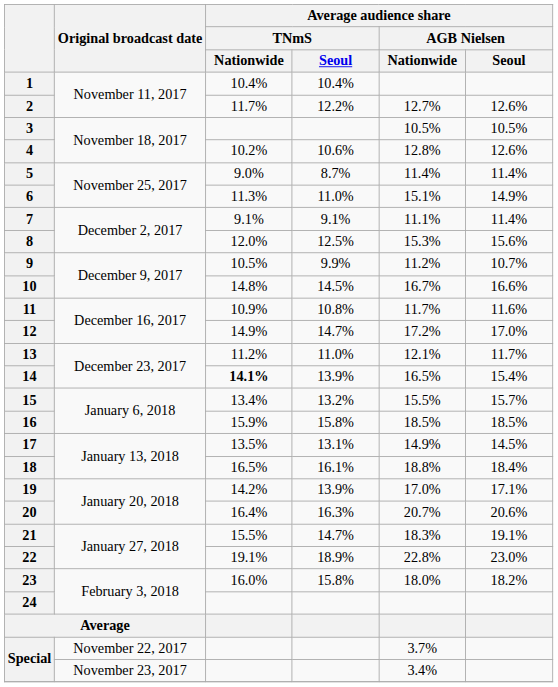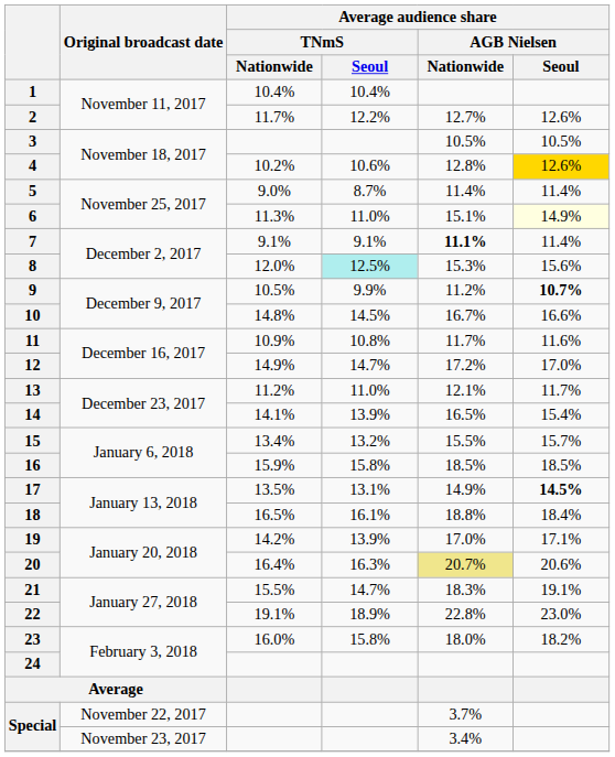 <table class=wikitable style="text-align:center">
 <tr>
 <th rowspan="3"></th>
 <th rowspan="3">Original broadcast date</th>
 <th colspan="4">Average audience share</th>
 </tr>
 <tr>
 <th colspan="2">TNmS</th>
 <th colspan="2">AGB Nielsen</th>
 </tr>
 <tr>
 <th width=90>Nationwide</th>
 <th width=90><a href='#'>Seoul</a></th>
 <th width=90>Nationwide</th>
 <th width=90>Seoul</th>
 </tr>
 <tr>
 <th>1</th>
 <td rowspan="2">November 11, 2017</td>
 <td>10.4% </td>
 <td>10.4% </td>
 <td> </td>
 <td> </td>
 </tr>
 <tr>
 <th>2</th>
 <td>11.7% </td>
 <td>12.2% </td>
 <td>12.7% </td>
 <td>12.6% </td>
 </tr>
 <tr>
 <th>3</th>
 <td rowspan="2">November 18, 2017</td>
 <td> </td>
 <td> </td>
 <td>10.5% </td>
 <td>10.5% </td>
 </tr>
 <tr>
 <th>4</th>
 <td>10.2% </td>
 <td>10.6% </td>
 <td>12.8% </td>
-<td>12.6% </td>
+<td style="background: gold;">12.6% </td>
 </tr>
 <tr>
 <th>5</th>
 <td rowspan="2">November 25, 2017</td>
 <td>9.0% </td>
 <td>8.7% </td>
 <td>11.4% </td>
 <td>11.4% </td>
 </tr>
 <tr>
 <th>6</th>
 <td>11.3% </td>
 <td>11.0% </td>
 <td>15.1% </td>
-<td>14.9% </td>
+<td style="background: lightyellow;">14.9% </td>
 </tr>
 <tr>
 <th>7</th>
 <td rowspan="2">December 2, 2017</td>
 <td>9.1% </td>
 <td>9.1% </td>
-<td>11.1% </td>
+<td><strong>11.1% </strong></td>
 <td>11.4% </td>
 </tr>
 <tr>
 <th>8</th>
 <td>12.0% </td>
-<td>12.5% </td>
+<td style="background: paleturquoise;">12.5% </td>
 <td>15.3% </td>
 <td>15.6% </td>
 </tr>
 <tr>
 <th>9</th>
 <td rowspan="2">December 9, 2017</td>
 <td>10.5% </td>
 <td>9.9% </td>
 <td>11.2% </td>
-<td>10.7% </td>
+<td><strong>10.7% </strong></td>
 </tr>
 <tr>
 <th>10</th>
 <td>14.8% </td>
 <td>14.5% </td>
 <td>16.7% </td>
 <td>16.6% </td>
 </tr>
 <tr>
 <th>11</th>
 <td rowspan="2">December 16, 2017</td>
 <td>10.9% </td>
 <td>10.8% </td>
 <td>11.7% </td>
 <td>11.6% </td>
 </tr>
 <tr>
 <th>12</th>
 <td>14.9% </td>
 <td>14.7% </td>
 <td>17.2% </td>
 <td>17.0% </td>
 </tr>
 <tr>
 <th>13</th>
 <td rowspan="2">December 23, 2017</td>
 <td>11.2% </td>
 <td>11.0% </td>
 <td>12.1% </td>
 <td>11.7% </td>
 </tr>
 <tr>
 <th>14</th>
-<td><strong>14.1% </strong></td>
+<td>14.1% </td>
 <td>13.9% </td>
 <td>16.5% </td>
 <td>15.4% </td>
 </tr>
 <tr>
 <th>15</th>
 <td rowspan="2">January 6, 2018</td>
 <td>13.4% </td>
 <td>13.2% </td>
 <td>15.5% </td>
 <td>15.7% </td>
 </tr>
 <tr>
 <th>16</th>
 <td>15.9% </td>
 <td>15.8% </td>
 <td>18.5% </td>
 <td>18.5% </td>
 </tr>
 <tr>
 <th>17</th>
 <td rowspan="2">January 13, 2018</td>
 <td>13.5% </td>
 <td>13.1% </td>
 <td>14.9% </td>
-<td>14.5% </td>
+<td><strong>14.5% </strong></td>
 </tr>
 <tr>
 <th>18</th>
 <td>16.5% </td>
 <td>16.1% </td>
 <td>18.8% </td>
 <td>18.4% </td>
 </tr>
 <tr>
 <th>19</th>
 <td rowspan="2">January 20, 2018</td>
 <td>14.2% </td>
 <td>13.9% </td>
 <td>17.0% </td>
 <td>17.1% </td>
 </tr>
 <tr>
 <th>20</th>
 <td>16.4% </td>
 <td>16.3% </td>
-<td>20.7% </td>
+<td style="background: khaki;">20.7% </td>
 <td>20.6% </td>
 </tr>
 <tr>
 <th>21</th>
 <td rowspan="2">January 27, 2018</td>
 <td>15.5% </td>
 <td>14.7% </td>
 <td>18.3% </td>
 <td>19.1% </td>
 </tr>
 <tr>
 <th>22</th>
 <td>19.1% </td>
 <td>18.9% </td>
 <td>22.8% </td>
 <td>23.0% </td>
 </tr>
 <tr>
 <th>23</th>
 <td rowspan="2">February 3, 2018</td>
 <td>16.0% </td>
 <td>15.8% </td>
 <td>18.0% </td>
 <td>18.2% </td>
 </tr>
 <tr>
 <th>24</th>
 <td> </td>
 <td> </td>
 <td> </td>
 <td> </td>
 </tr>
 <tr>
 <th colspan=2>Average</th>
 <th></th>
 <th></th>
 <th></th>
 <th></th>
 </tr>
 <tr>
 <th rowspan="2">Special</th>
 <td>November 22, 2017</td>
 <td></td>
 <td></td>
 <td>3.7%</td>
 <td></td>
 </tr>
 <tr>
 <td>November 23, 2017</td>
 <td></td>
 <td></td>
 <td>3.4%</td>
 <td></td>
 </tr>
 <tr>
 </tr>
 </table>
